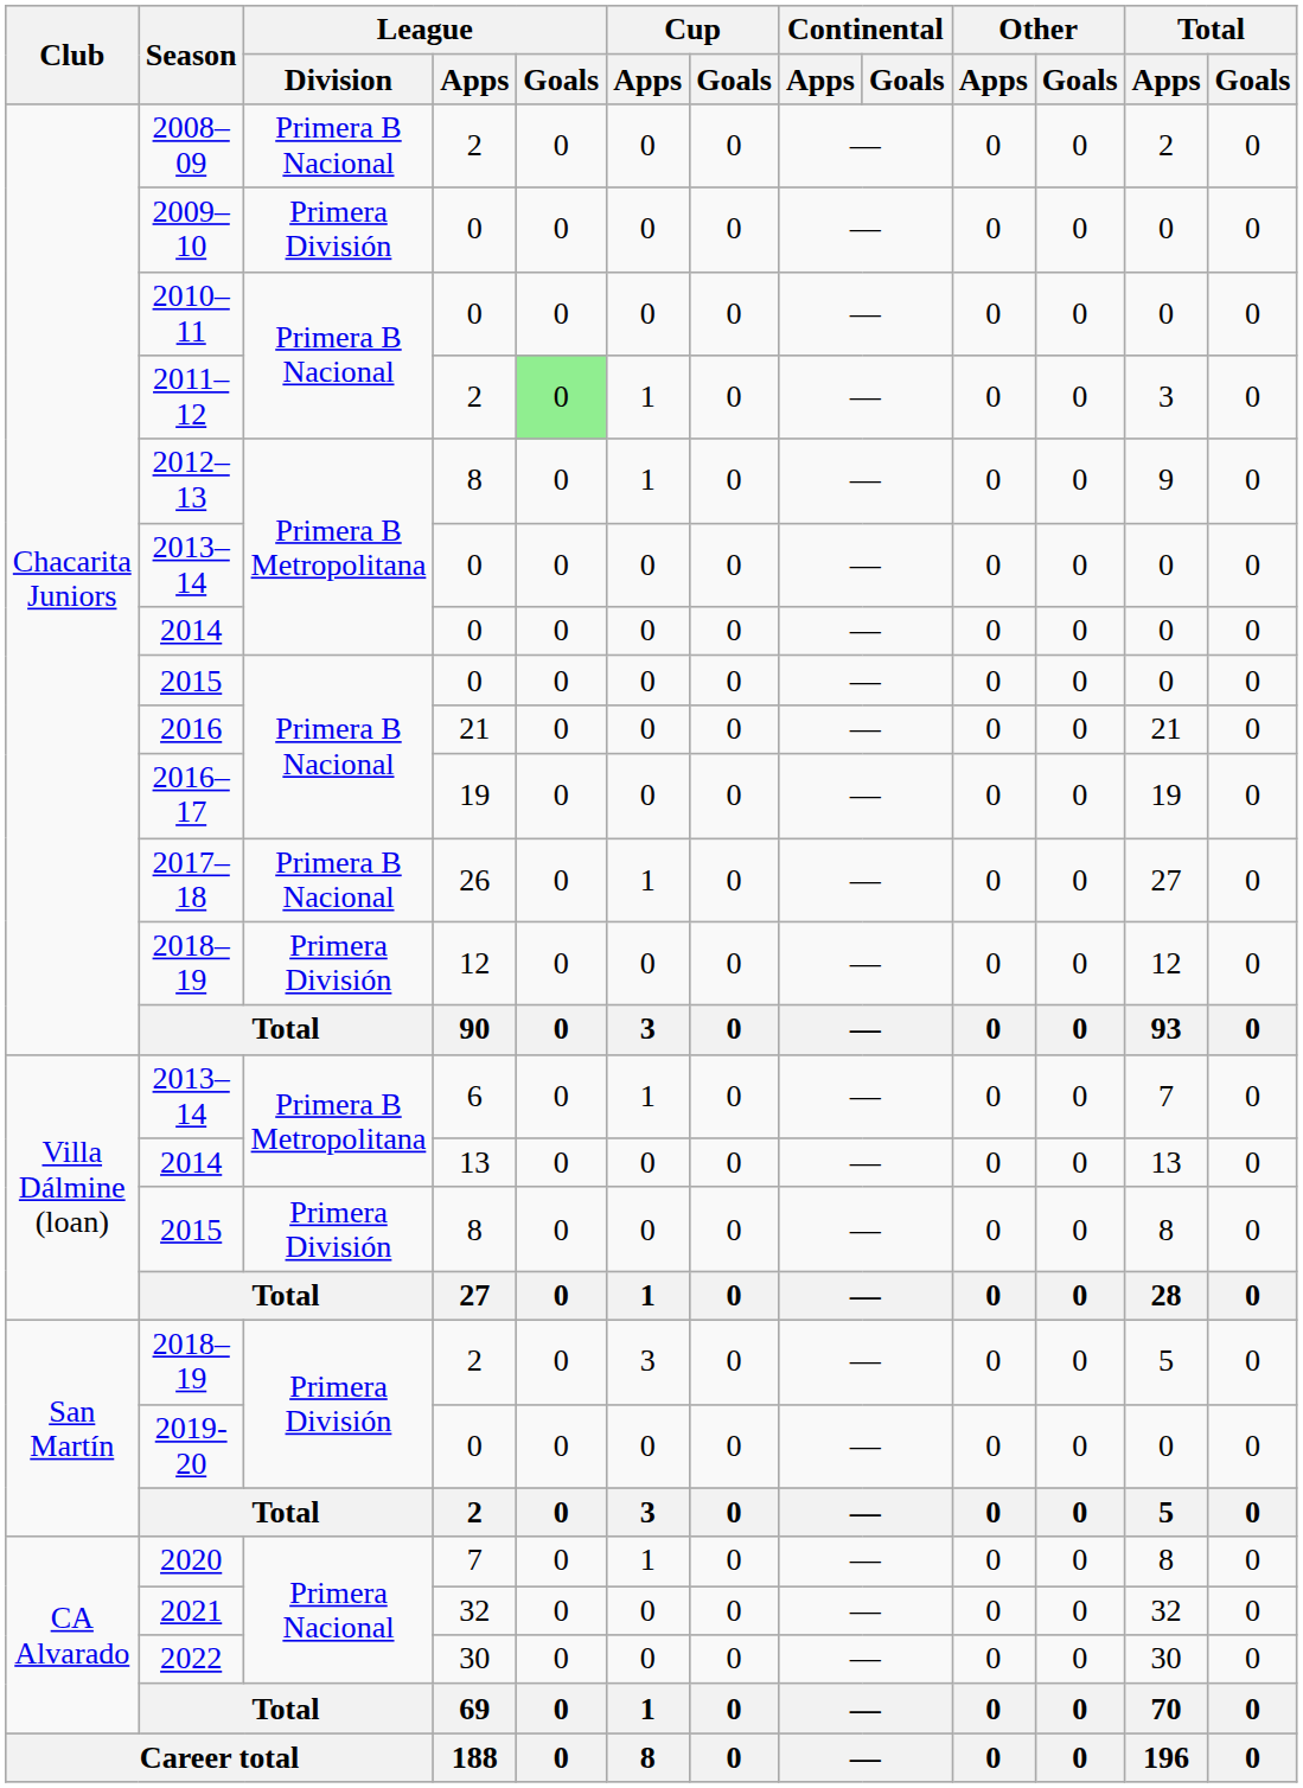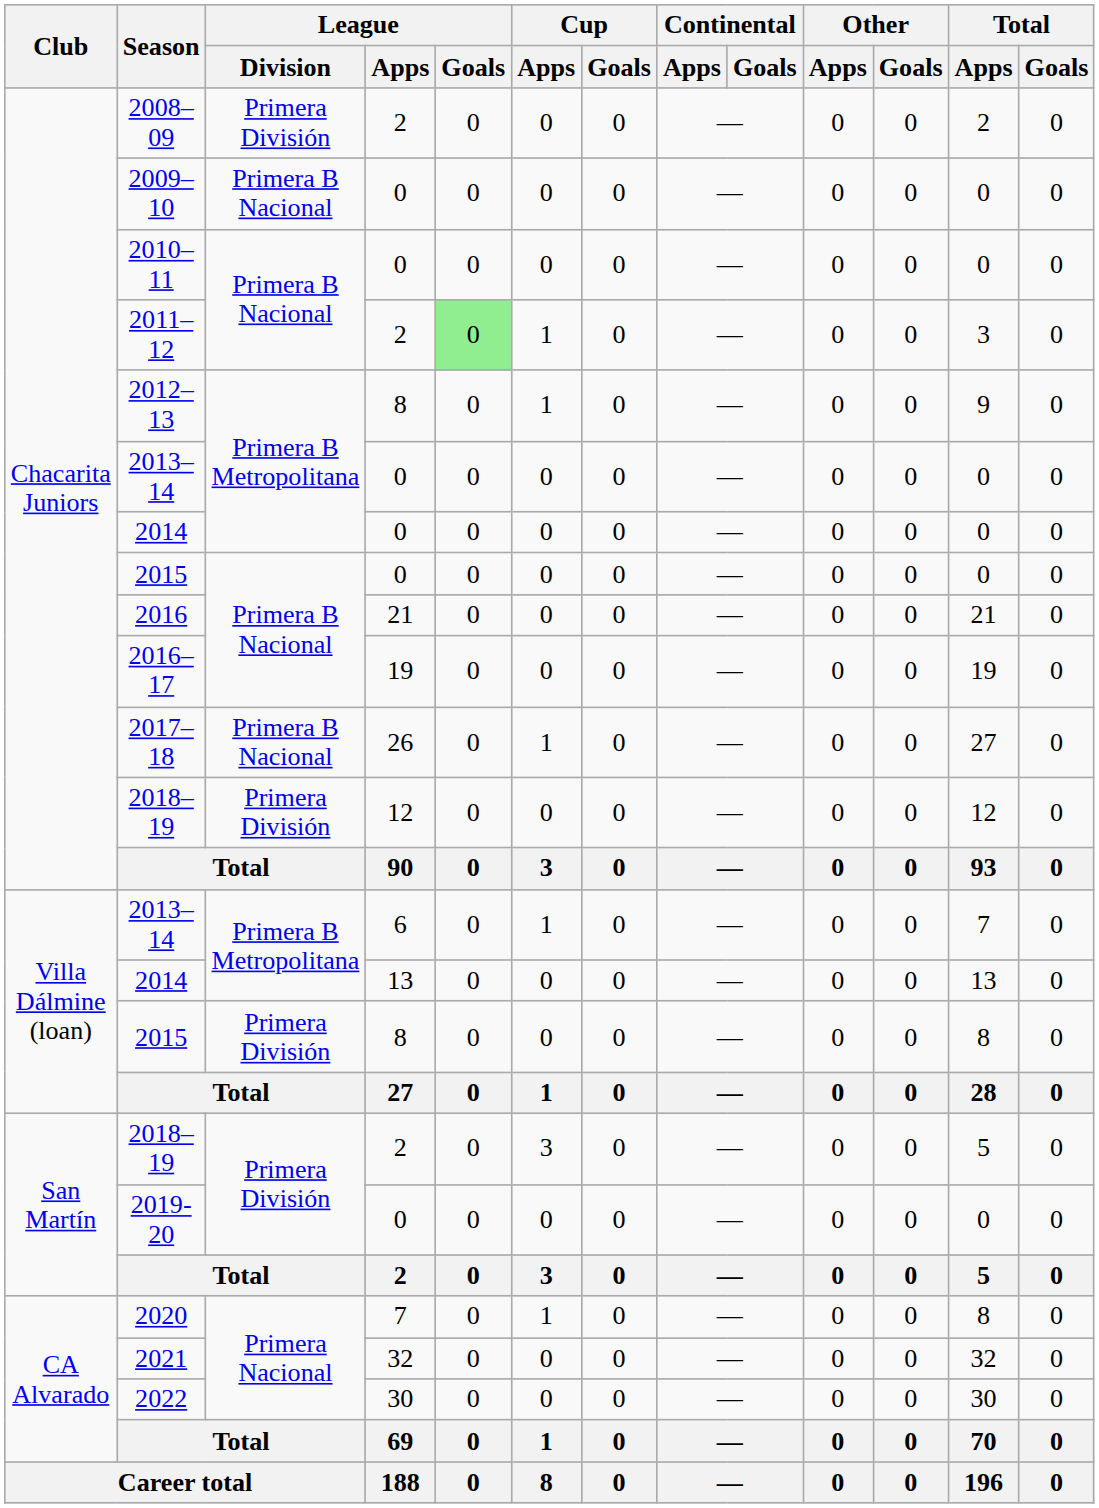 <table class="wikitable" style="text-align:center">
 <tr>
 <th rowspan="2">Club</th>
 <th rowspan="2">Season</th>
 <th colspan="3">League</th>
 <th colspan="2">Cup</th>
 <th colspan="2">Continental</th>
 <th colspan="2">Other</th>
 <th colspan="2">Total</th>
 </tr>
 <tr>
 <th>Division</th>
 <th>Apps</th>
 <th>Goals</th>
 <th>Apps</th>
 <th>Goals</th>
 <th>Apps</th>
 <th>Goals</th>
 <th>Apps</th>
 <th>Goals</th>
 <th>Apps</th>
 <th>Goals</th>
 </tr>
 <tr>
 <td rowspan="13"><a href='#'>Chacarita Juniors</a></td>
 <td><a href='#'>2008–09</a></td>
-<td rowspan="1"><a href='#'>Primera B Nacional</a></td>
+<td rowspan="1"><a href='#'>Primera División</a></td>
 <td>2</td>
 <td>0</td>
 <td>0</td>
 <td>0</td>
 <td colspan="2">—</td>
 <td>0</td>
 <td>0</td>
 <td>2</td>
 <td>0</td>
 </tr>
 <tr>
 <td><a href='#'>2009–10</a></td>
-<td rowspan="1"><a href='#'>Primera División</a></td>
+<td rowspan="1"><a href='#'>Primera B Nacional</a></td>
 <td>0</td>
 <td>0</td>
 <td>0</td>
 <td>0</td>
 <td colspan="2">—</td>
 <td>0</td>
 <td>0</td>
 <td>0</td>
 <td>0</td>
 </tr>
 <tr>
 <td><a href='#'>2010–11</a></td>
 <td rowspan="2"><a href='#'>Primera B Nacional</a></td>
 <td>0</td>
 <td>0</td>
 <td>0</td>
 <td>0</td>
 <td colspan="2">—</td>
 <td>0</td>
 <td>0</td>
 <td>0</td>
 <td>0</td>
 </tr>
 <tr>
 <td><a href='#'>2011–12</a></td>
 <td>2</td>
 <td style="background: lightgreen;">0</td>
 <td>1</td>
 <td>0</td>
 <td colspan="2">—</td>
 <td>0</td>
 <td>0</td>
 <td>3</td>
 <td>0</td>
 </tr>
 <tr>
 <td><a href='#'>2012–13</a></td>
 <td rowspan="3"><a href='#'>Primera B Metropolitana</a></td>
 <td>8</td>
 <td>0</td>
 <td>1</td>
 <td>0</td>
 <td colspan="2">—</td>
 <td>0</td>
 <td>0</td>
 <td>9</td>
 <td>0</td>
 </tr>
 <tr>
 <td><a href='#'>2013–14</a></td>
 <td>0</td>
 <td>0</td>
 <td>0</td>
 <td>0</td>
 <td colspan="2">—</td>
 <td>0</td>
 <td>0</td>
 <td>0</td>
 <td>0</td>
 </tr>
 <tr>
 <td><a href='#'>2014</a></td>
 <td>0</td>
 <td>0</td>
 <td>0</td>
 <td>0</td>
 <td colspan="2">—</td>
 <td>0</td>
 <td>0</td>
 <td>0</td>
 <td>0</td>
 </tr>
 <tr>
 <td><a href='#'>2015</a></td>
 <td rowspan="3"><a href='#'>Primera B Nacional</a></td>
 <td>0</td>
 <td>0</td>
 <td>0</td>
 <td>0</td>
 <td colspan="2">—</td>
 <td>0</td>
 <td>0</td>
 <td>0</td>
 <td>0</td>
 </tr>
 <tr>
 <td><a href='#'>2016</a></td>
 <td>21</td>
 <td>0</td>
 <td>0</td>
 <td>0</td>
 <td colspan="2">—</td>
 <td>0</td>
 <td>0</td>
 <td>21</td>
 <td>0</td>
 </tr>
 <tr>
 <td><a href='#'>2016–17</a></td>
 <td>19</td>
 <td>0</td>
 <td>0</td>
 <td>0</td>
 <td colspan="2">—</td>
 <td>0</td>
 <td>0</td>
 <td>19</td>
 <td>0</td>
 </tr>
 <tr>
 <td><a href='#'>2017–18</a></td>
 <td rowspan="1"><a href='#'>Primera B Nacional</a></td>
 <td>26</td>
 <td>0</td>
 <td>1</td>
 <td>0</td>
 <td colspan="2">—</td>
 <td>0</td>
 <td>0</td>
 <td>27</td>
 <td>0</td>
 </tr>
 <tr>
 <td><a href='#'>2018–19</a></td>
 <td rowspan="1"><a href='#'>Primera División</a></td>
 <td>12</td>
 <td>0</td>
 <td>0</td>
 <td>0</td>
 <td colspan="2">—</td>
 <td>0</td>
 <td>0</td>
 <td>12</td>
 <td>0</td>
 </tr>
 <tr>
 <th colspan="2">Total</th>
 <th>90</th>
 <th>0</th>
 <th>3</th>
 <th>0</th>
 <th colspan="2">—</th>
 <th>0</th>
 <th>0</th>
 <th>93</th>
 <th>0</th>
 </tr>
 <tr>
 <td rowspan="4"><a href='#'>Villa Dálmine</a> (loan)</td>
 <td><a href='#'>2013–14</a></td>
 <td rowspan="2"><a href='#'>Primera B Metropolitana</a></td>
 <td>6</td>
 <td>0</td>
 <td>1</td>
 <td>0</td>
 <td colspan="2">—</td>
 <td>0</td>
 <td>0</td>
 <td>7</td>
 <td>0</td>
 </tr>
 <tr>
 <td><a href='#'>2014</a></td>
 <td>13</td>
 <td>0</td>
 <td>0</td>
 <td>0</td>
 <td colspan="2">—</td>
 <td>0</td>
 <td>0</td>
 <td>13</td>
 <td>0</td>
 </tr>
 <tr>
 <td><a href='#'>2015</a></td>
 <td rowspan="1"><a href='#'>Primera División</a></td>
 <td>8</td>
 <td>0</td>
 <td>0</td>
 <td>0</td>
 <td colspan="2">—</td>
 <td>0</td>
 <td>0</td>
 <td>8</td>
 <td>0</td>
 </tr>
 <tr>
 <th colspan="2">Total</th>
 <th>27</th>
 <th>0</th>
 <th>1</th>
 <th>0</th>
 <th colspan="2">—</th>
 <th>0</th>
 <th>0</th>
 <th>28</th>
 <th>0</th>
 </tr>
 <tr>
 <td rowspan="3"><a href='#'>San Martín</a></td>
 <td><a href='#'>2018–19</a></td>
 <td rowspan="2"><a href='#'>Primera División</a></td>
 <td>2</td>
 <td>0</td>
 <td>3</td>
 <td>0</td>
 <td colspan="2">—</td>
 <td>0</td>
 <td>0</td>
 <td>5</td>
 <td>0</td>
 </tr>
 <tr>
 <td rowspan="1"><a href='#'>2019-20</a></td>
 <td>0</td>
 <td>0</td>
 <td>0</td>
 <td>0</td>
 <td colspan="2">—</td>
 <td>0</td>
 <td>0</td>
 <td>0</td>
 <td>0</td>
 </tr>
 <tr>
 <th colspan="2">Total</th>
 <th>2</th>
 <th>0</th>
 <th>3</th>
 <th>0</th>
 <th colspan="2">—</th>
 <th>0</th>
 <th>0</th>
 <th>5</th>
 <th>0</th>
 </tr>
 <tr>
 <td rowspan="4"><a href='#'>CA Alvarado</a></td>
 <td><a href='#'>2020</a></td>
 <td rowspan="3"><a href='#'>Primera Nacional</a></td>
 <td>7</td>
 <td>0</td>
 <td>1</td>
 <td>0</td>
 <td colspan="2">—</td>
 <td>0</td>
 <td>0</td>
 <td>8</td>
 <td>0</td>
 </tr>
 <tr>
 <td><a href='#'>2021</a></td>
 <td>32</td>
 <td>0</td>
 <td>0</td>
 <td>0</td>
 <td colspan="2">—</td>
 <td>0</td>
 <td>0</td>
 <td>32</td>
 <td>0</td>
 </tr>
 <tr>
 <td><a href='#'>2022</a></td>
 <td>30</td>
 <td>0</td>
 <td>0</td>
 <td>0</td>
 <td colspan="2">—</td>
 <td>0</td>
 <td>0</td>
 <td>30</td>
 <td>0</td>
 </tr>
 <tr>
 <th colspan="2">Total</th>
 <th>69</th>
 <th>0</th>
 <th>1</th>
 <th>0</th>
 <th colspan="2">—</th>
 <th>0</th>
 <th>0</th>
 <th>70</th>
 <th>0</th>
 </tr>
 <tr>
 <th colspan="3">Career total</th>
 <th>188</th>
 <th>0</th>
 <th>8</th>
 <th>0</th>
 <th colspan="2">—</th>
 <th>0</th>
 <th>0</th>
 <th>196</th>
 <th>0</th>
 </tr>
 </table>
